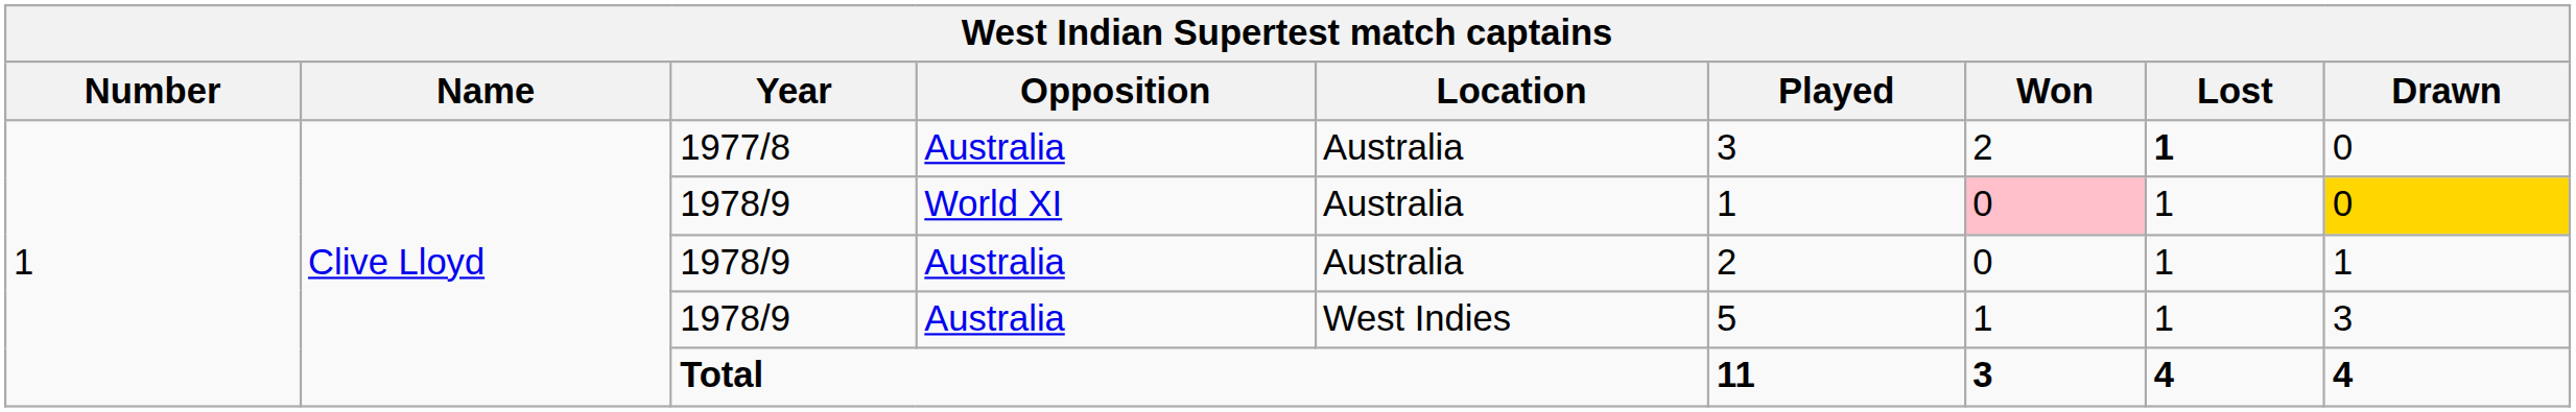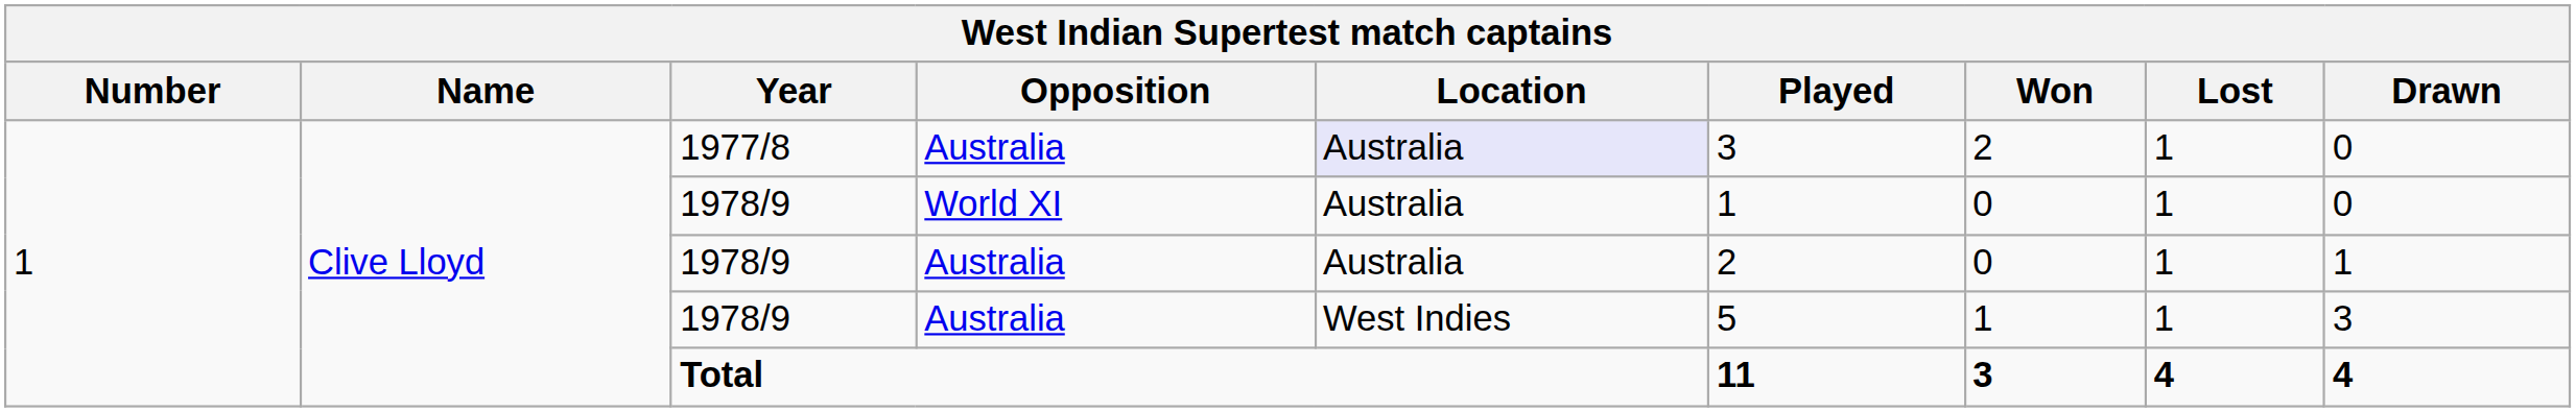 <table class="wikitable" width="90%">
 <tr>
 <th bgcolor="#efefef" colspan=9>West Indian Supertest match captains</th>
 </tr>
 <tr bgcolor="#efefef">
 <th>Number</th>
 <th>Name</th>
 <th>Year</th>
 <th>Opposition</th>
 <th>Location</th>
 <th>Played</th>
 <th>Won</th>
 <th>Lost</th>
 <th>Drawn</th>
 </tr>
 <tr>
 <td rowspan=5>1</td>
 <td rowspan="5"><a href='#'>Clive Lloyd</a></td>
 <td>1977/8</td>
 <td><a href='#'>Australia</a></td>
-<td>Australia</td>
+<td style="background: lavender;">Australia</td>
 <td>3</td>
 <td>2</td>
-<td><strong>1</strong></td>
+<td>1</td>
 <td>0</td>
 </tr>
 <tr>
 <td>1978/9</td>
 <td><a href='#'>World XI</a></td>
 <td>Australia</td>
 <td>1</td>
-<td style="background: pink;">0</td>
+<td>0</td>
 <td>1</td>
-<td style="background: gold;">0</td>
+<td>0</td>
 </tr>
 <tr>
 <td>1978/9</td>
 <td><a href='#'>Australia</a></td>
 <td>Australia</td>
 <td>2</td>
 <td>0</td>
 <td>1</td>
 <td>1</td>
 </tr>
 <tr>
 <td>1978/9</td>
 <td><a href='#'>Australia</a></td>
 <td>West Indies</td>
 <td>5</td>
 <td>1</td>
 <td>1</td>
 <td>3</td>
 </tr>
 <tr>
 <td colspan=3><strong>Total</strong></td>
 <td><strong>11</strong></td>
 <td><strong>3</strong></td>
 <td><strong>4</strong></td>
 <td><strong>4</strong></td>
 </tr>
 </table>
